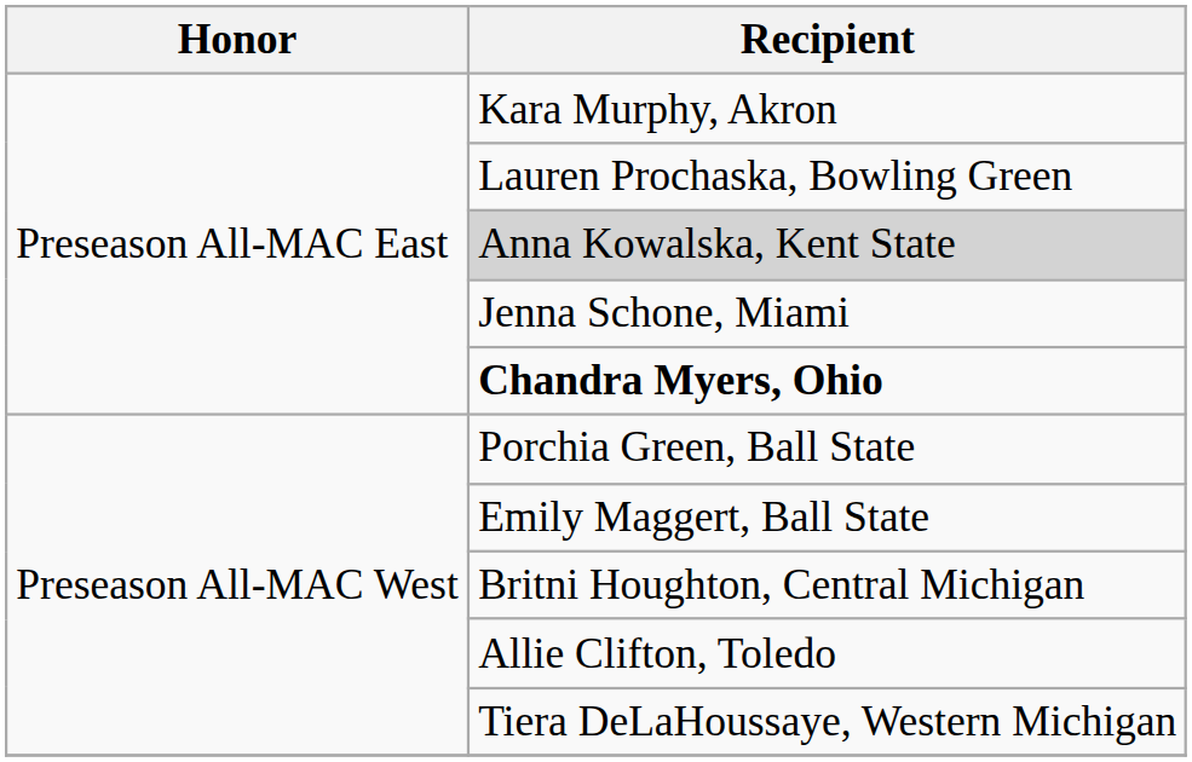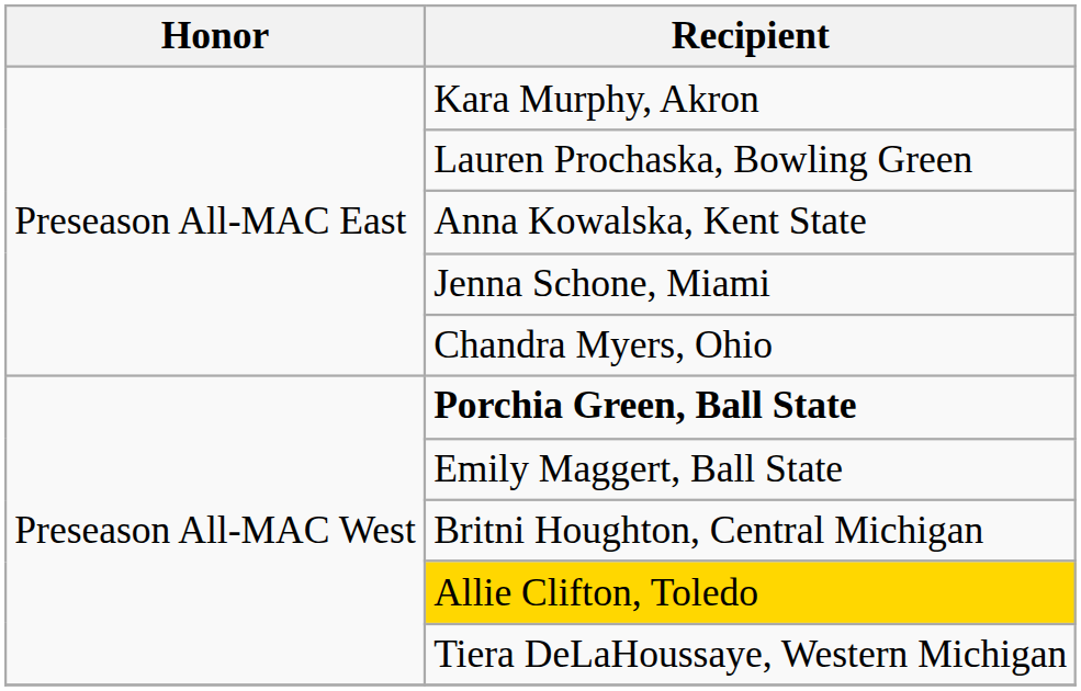 <table class="wikitable" border="1">
 <tr>
 <th>Honor</th>
 <th>Recipient</th>
 </tr>
 <tr>
 <td rowspan=5 valign=middle>Preseason All-MAC East</td>
 <td>Kara Murphy, Akron</td>
 </tr>
 <tr>
 <td>Lauren Prochaska, Bowling Green</td>
 </tr>
 <tr>
-<td style="background: lightgrey;">Anna Kowalska, Kent State</td>
+<td>Anna Kowalska, Kent State</td>
 </tr>
 <tr>
 <td>Jenna Schone, Miami</td>
 </tr>
 <tr>
-<td><strong>Chandra Myers, Ohio</strong></td>
+<td>Chandra Myers, Ohio</td>
 </tr>
 <tr>
 <td rowspan=5 valign=middle>Preseason All-MAC West</td>
-<td>Porchia Green, Ball State</td>
+<td><strong>Porchia Green, Ball State</strong></td>
 </tr>
 <tr>
 <td>Emily Maggert, Ball State</td>
 </tr>
 <tr>
 <td>Britni Houghton, Central Michigan</td>
 </tr>
 <tr>
-<td>Allie Clifton, Toledo</td>
+<td style="background: gold;">Allie Clifton, Toledo</td>
 </tr>
 <tr>
 <td>Tiera DeLaHoussaye, Western Michigan</td>
 </tr>
 <tr>
 </tr>
 </table>
